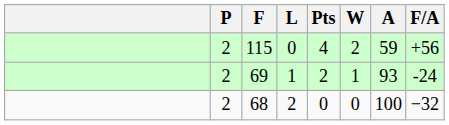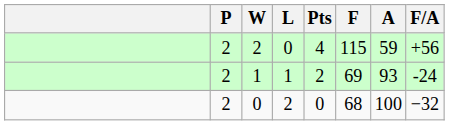 <table class=wikitable style="text-align:center">
 <tr>
 <th width=175></th>
 <th width=20>P</th>
-<th width=20>F</th>
+<th width=20>W</th>
 <th width=20>L</th>
 <th width=20>Pts</th>
-<th width=20>W</th>
+<th width=20>F</th>
 <th width=20>A</th>
 <th width=20>F/A</th>
 </tr>
 <tr style="background-color:#ccffcc;">
 <td style="text-align:left;"></td>
 <td>2</td>
-<td>115</td>
+<td>2</td>
 <td>0</td>
 <td>4</td>
-<td>2</td>
+<td>115</td>
 <td>59</td>
 <td>+56</td>
 </tr>
 <tr style="background-color:#ccffcc;">
 <td style="text-align:left;"></td>
 <td>2</td>
-<td>69</td>
+<td>1</td>
 <td>1</td>
 <td>2</td>
-<td>1</td>
+<td>69</td>
 <td>93</td>
 <td>-24</td>
 </tr>
 <tr>
 <td style="text-align:left;"></td>
 <td>2</td>
-<td>68</td>
+<td>0</td>
 <td>2</td>
 <td>0</td>
-<td>0</td>
+<td>68</td>
 <td>100</td>
 <td>−32</td>
 </tr>
 </table>
